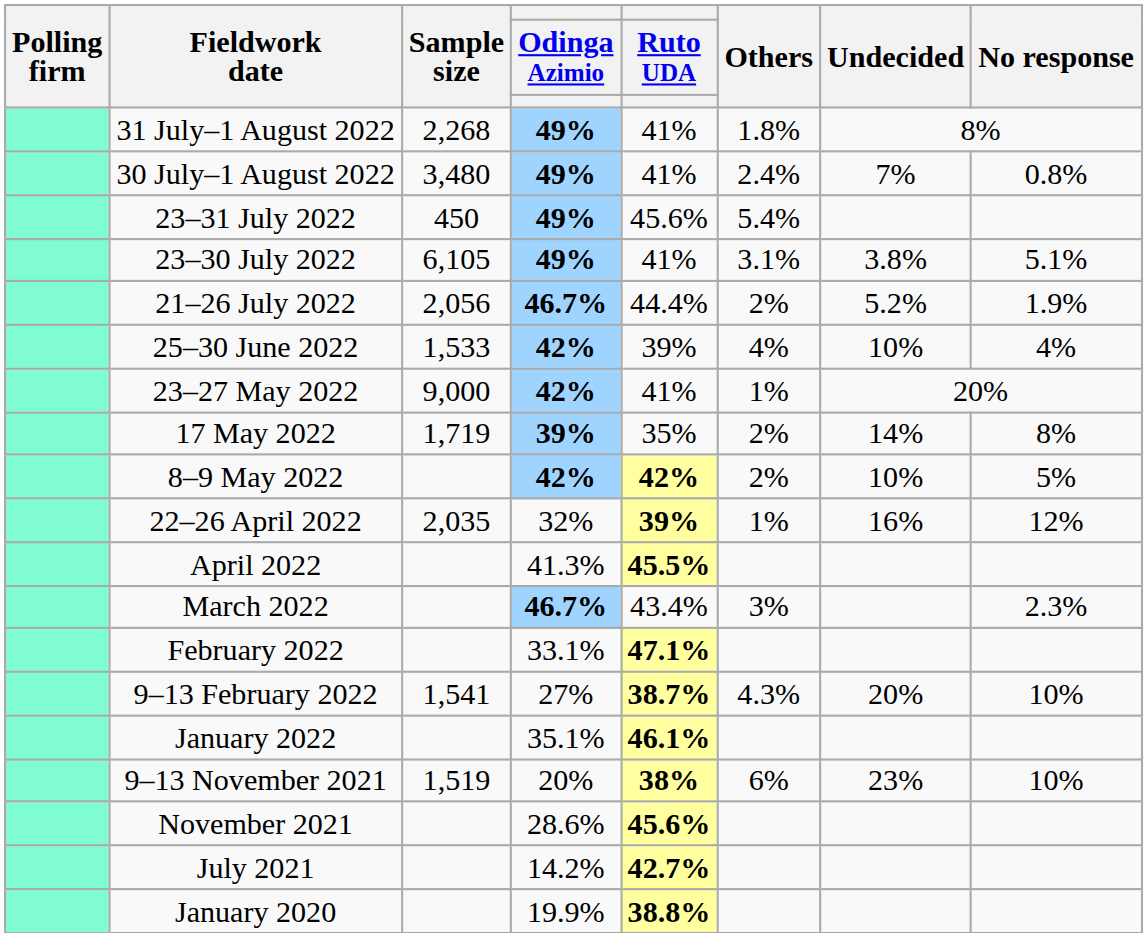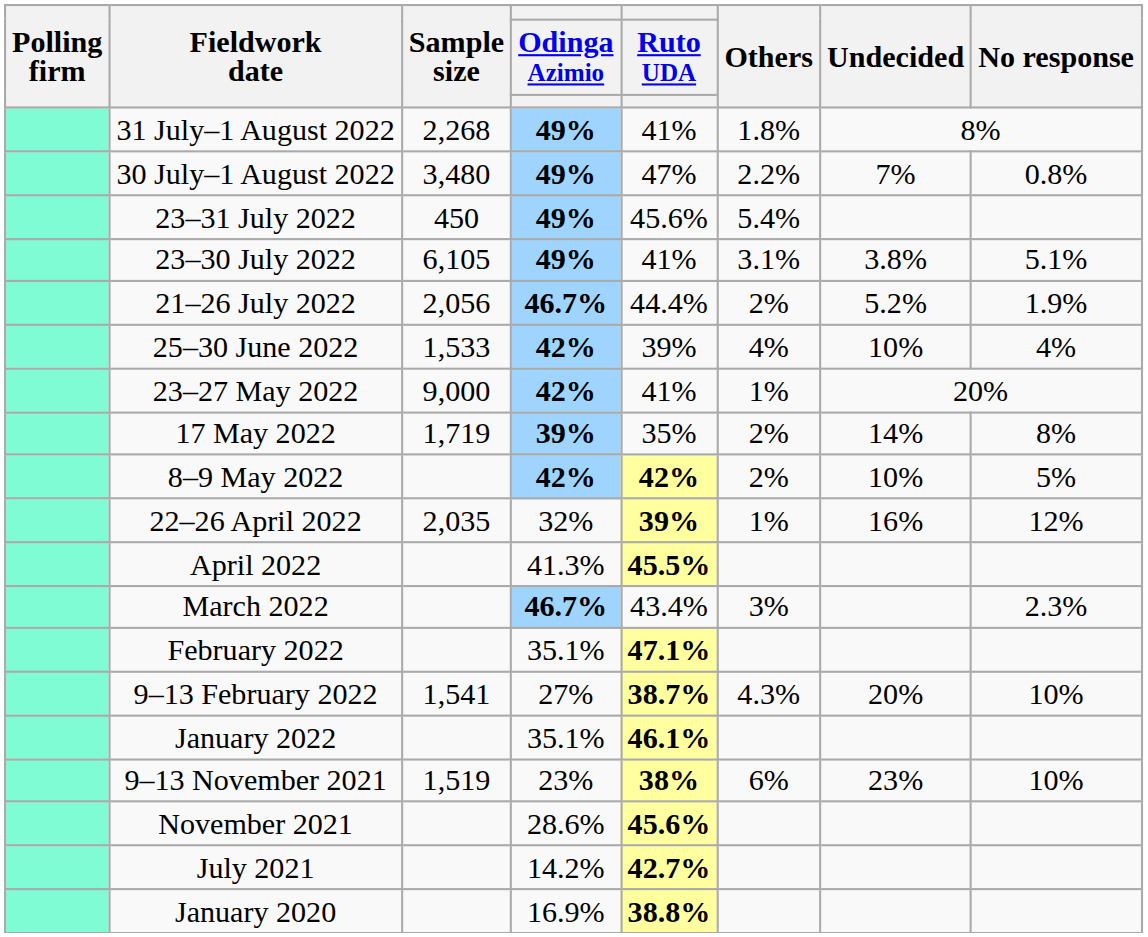 <table class="wikitable" style="text-align:center;font-size:90%;line-height:14px;">
 <tr>
 <th rowspan="3">Polling<br>firm</th>
 <th rowspan="3">Fieldwork<br>date</th>
 <th rowspan="3">Sample<br>size</th>
 <th></th>
 <th></th>
 <th rowspan="3">Others</th>
 <th rowspan="3">Undecided</th>
 <th rowspan="3">No response</th>
 </tr>
 <tr>
 <th><a href='#'>Odinga</a><br><small><a href='#'>Azimio</a></small></th>
 <th><a href='#'>Ruto</a><br><small><a href='#'>UDA</a></small></th>
 </tr>
 <tr>
 <th style="background:"></th>
 <th style="background:"></th>
 </tr>
 <tr>
 <td style="background:#80fcd4;"></td>
 <td>31 July–1 August 2022</td>
 <td>2,268</td>
 <td style="background:#9FD4FF;"><strong>49%</strong></td>
 <td>41%</td>
 <td>1.8%</td>
 <td colspan=2>8%</td>
 </tr>
 <tr>
 <td style="background:#80fcd4;"></td>
 <td>30 July–1 August 2022</td>
 <td>3,480</td>
 <td style="background:#9FD4FF;"><strong>49%</strong></td>
-<td>41%</td>
-<td>2.4%</td>
+<td>47%</td>
+<td>2.2%</td>
 <td>7%</td>
 <td>0.8%</td>
 </tr>
 <tr>
 <td style="background:#80fcd4;"></td>
 <td>23–31 July 2022</td>
 <td>450</td>
 <td style="background:#9FD4FF;"><strong>49%</strong></td>
 <td>45.6%</td>
 <td>5.4%</td>
 <td></td>
 <td></td>
 </tr>
 <tr>
 <td style="background:#80fcd4;"></td>
 <td>23–30 July 2022</td>
 <td>6,105</td>
 <td style="background:#9FD4FF;"><strong>49%</strong></td>
 <td>41%</td>
 <td>3.1%</td>
 <td>3.8%</td>
 <td>5.1%</td>
 </tr>
 <tr>
 <td style="background:#80fcd4;"></td>
 <td>21–26 July 2022</td>
 <td>2,056</td>
 <td style="background:#9FD4FF;"><strong>46.7%</strong></td>
 <td>44.4%</td>
 <td>2%</td>
 <td>5.2%</td>
 <td>1.9%</td>
 </tr>
 <tr>
 <td style="background:#80fcd4;"></td>
 <td>25–30 June 2022</td>
 <td>1,533</td>
 <td style="background:#9FD4FF;"><strong>42%</strong></td>
 <td>39%</td>
 <td>4%</td>
 <td>10%</td>
 <td>4%</td>
 </tr>
 <tr>
 <td style="background:#80fcd4;"></td>
 <td>23–27 May 2022</td>
 <td>9,000</td>
 <td style="background:#9FD4FF;"><strong>42%</strong></td>
 <td>41%</td>
 <td>1%</td>
 <td colspan=2>20%</td>
 </tr>
 <tr>
 <td style="background:#80fcd4;"></td>
 <td>17 May 2022</td>
 <td>1,719</td>
 <td style="background:#9FD4FF;"><strong>39%</strong></td>
 <td>35%</td>
 <td>2%</td>
 <td>14%</td>
 <td>8%</td>
 </tr>
 <tr>
 <td style="background:#80fcd4;"></td>
 <td>8–9 May 2022</td>
 <td></td>
 <td style="background:#9FD4FF;"><strong>42%</strong></td>
 <td style="background:#FFFF9F;"><strong>42%</strong></td>
 <td>2%</td>
 <td>10%</td>
 <td>5%</td>
 </tr>
 <tr>
 <td style="background:#80fcd4;"></td>
 <td>22–26 April 2022</td>
 <td>2,035</td>
 <td>32%</td>
 <td style="background:#FFFF9F;"><strong>39%</strong></td>
 <td>1%</td>
 <td>16%</td>
 <td>12%</td>
 </tr>
 <tr>
 <td style="background:#80fcd4;"></td>
 <td>April 2022</td>
 <td></td>
 <td>41.3%</td>
 <td style="background:#FFFF9F;"><strong>45.5%</strong></td>
 <td></td>
 <td></td>
 <td></td>
 </tr>
 <tr>
 <td style="background:#80fcd4;"></td>
 <td>March 2022</td>
 <td></td>
 <td style="background:#9FD4FF;"><strong>46.7%</strong></td>
 <td>43.4%</td>
 <td>3%</td>
 <td></td>
 <td>2.3%</td>
 </tr>
 <tr>
 <td style="background:#80fcd4;"></td>
 <td>February 2022</td>
 <td></td>
-<td>33.1%</td>
+<td>35.1%</td>
 <td style="background:#FFFF9F;"><strong>47.1%</strong></td>
 <td></td>
 <td></td>
 <td></td>
 </tr>
 <tr>
 <td style="background:#80fcd4;"></td>
 <td>9–13 February 2022</td>
 <td>1,541</td>
 <td>27%</td>
 <td style="background:#FFFF9F;"><strong>38.7%</strong></td>
 <td>4.3%</td>
 <td>20%</td>
 <td>10%</td>
 </tr>
 <tr>
 <td style="background:#80fcd4;"></td>
 <td>January 2022</td>
 <td></td>
 <td>35.1%</td>
 <td style="background:#FFFF9F;"><strong>46.1%</strong></td>
 <td></td>
 <td></td>
 <td></td>
 </tr>
 <tr>
 <td style="background:#80fcd4;"></td>
 <td>9–13 November 2021</td>
 <td>1,519</td>
-<td>20%</td>
+<td>23%</td>
 <td style="background:#FFFF9F;"><strong>38%</strong></td>
 <td>6%</td>
 <td>23%</td>
 <td>10%</td>
 </tr>
 <tr>
 <td style="background:#80fcd4;"></td>
 <td>November 2021</td>
 <td></td>
 <td>28.6%</td>
 <td style="background:#FFFF9F;"><strong>45.6%</strong></td>
 <td></td>
 <td></td>
 <td></td>
 </tr>
 <tr>
 <td style="background:#80fcd4;"></td>
 <td>July 2021</td>
 <td></td>
 <td>14.2%</td>
 <td style="background:#FFFF9F;"><strong>42.7%</strong></td>
 <td></td>
 <td></td>
 <td></td>
 </tr>
 <tr>
 <td style="background:#80fcd4;"></td>
 <td>January 2020</td>
 <td></td>
-<td>19.9%</td>
+<td>16.9%</td>
 <td style="background:#FFFF9F;"><strong>38.8%</strong></td>
 <td></td>
 <td></td>
 <td></td>
 </tr>
 </table>
